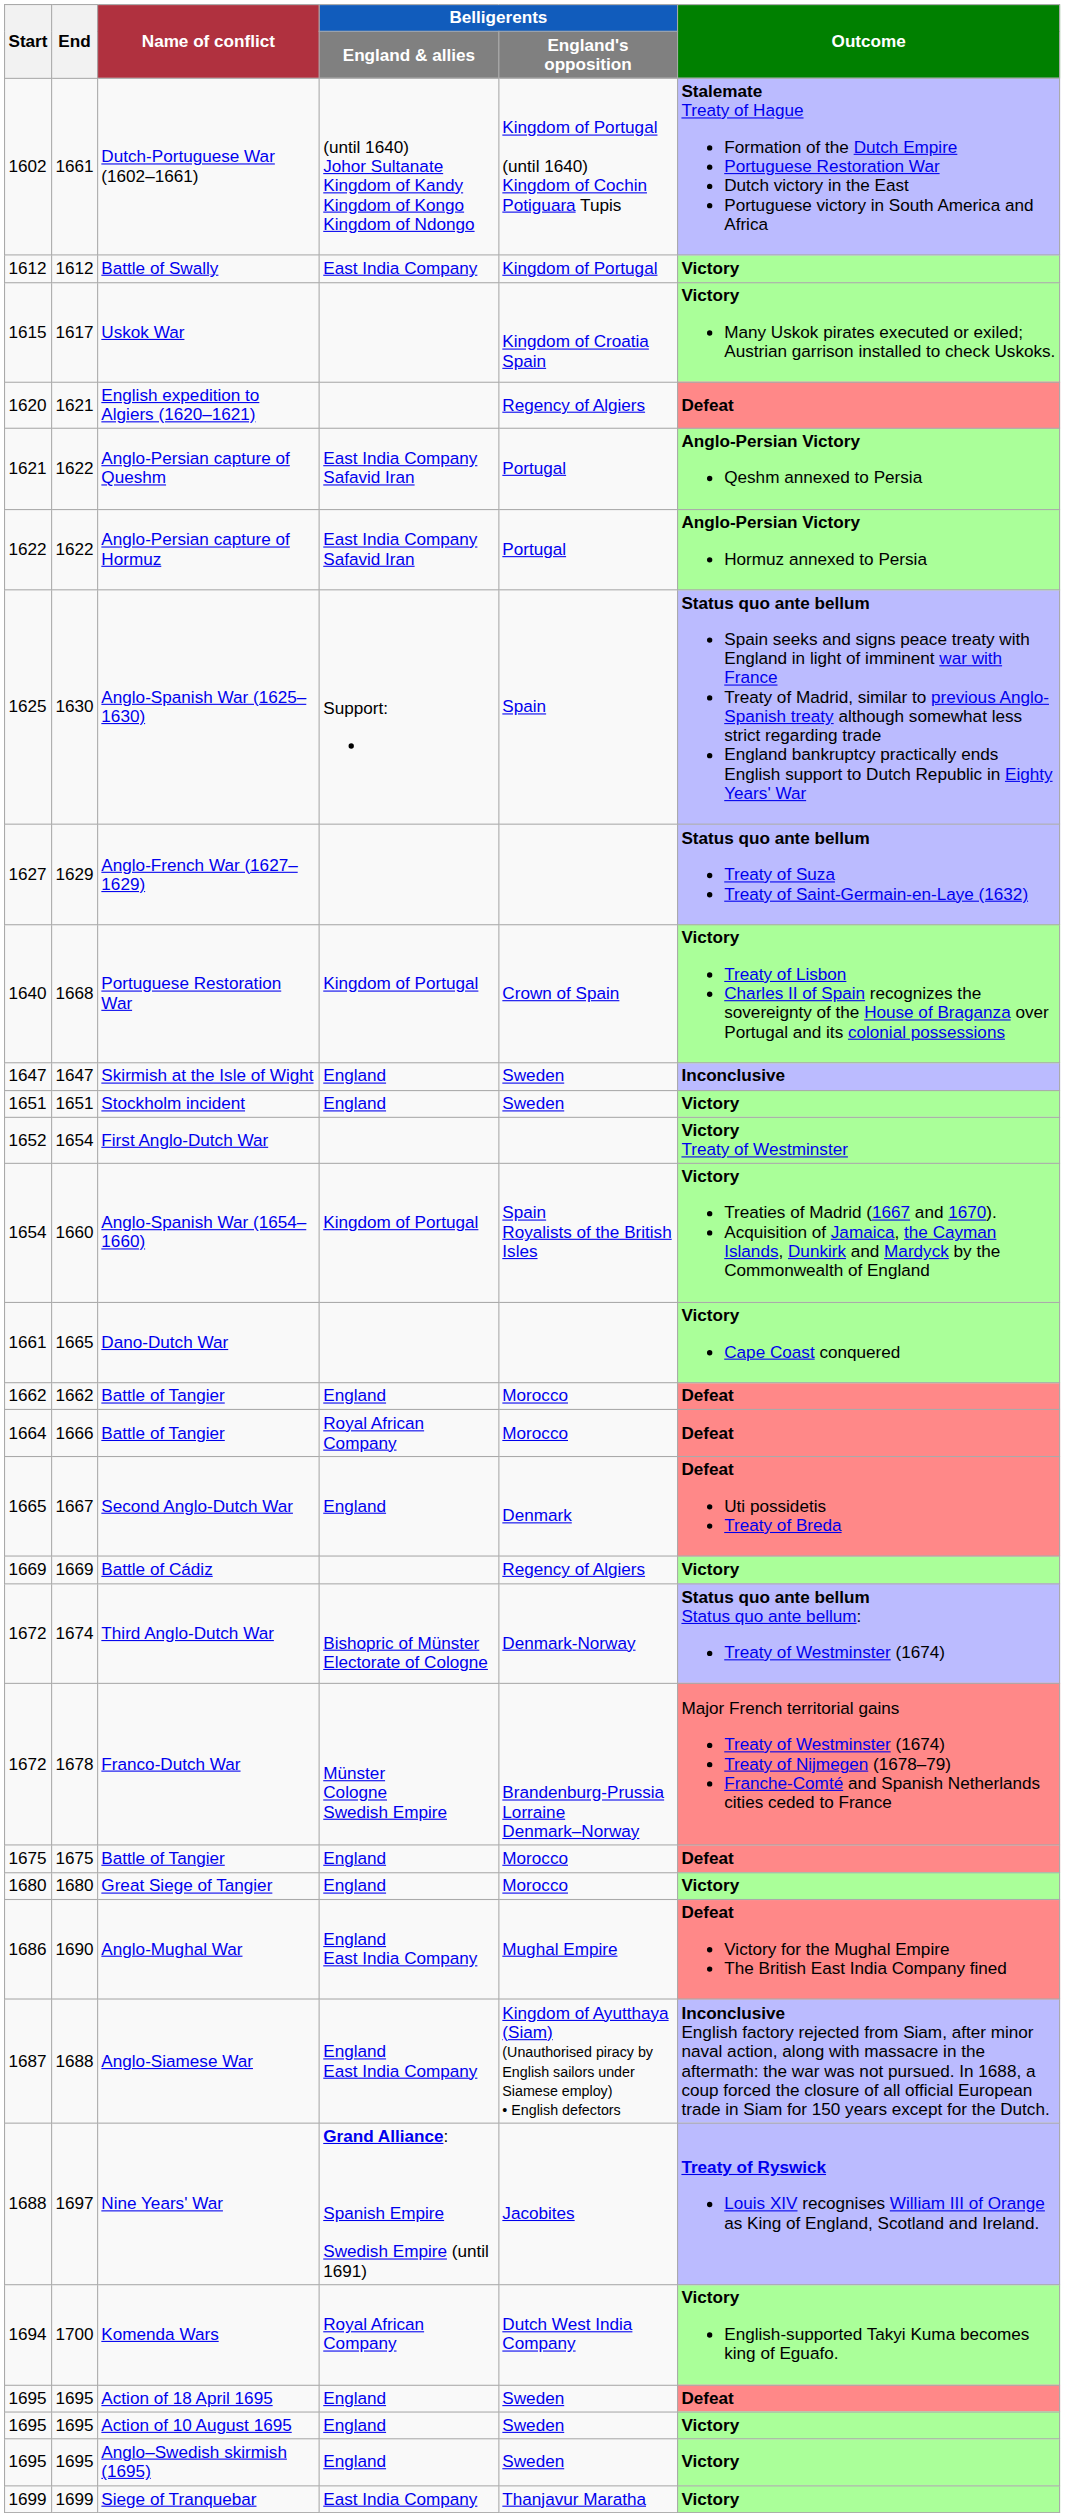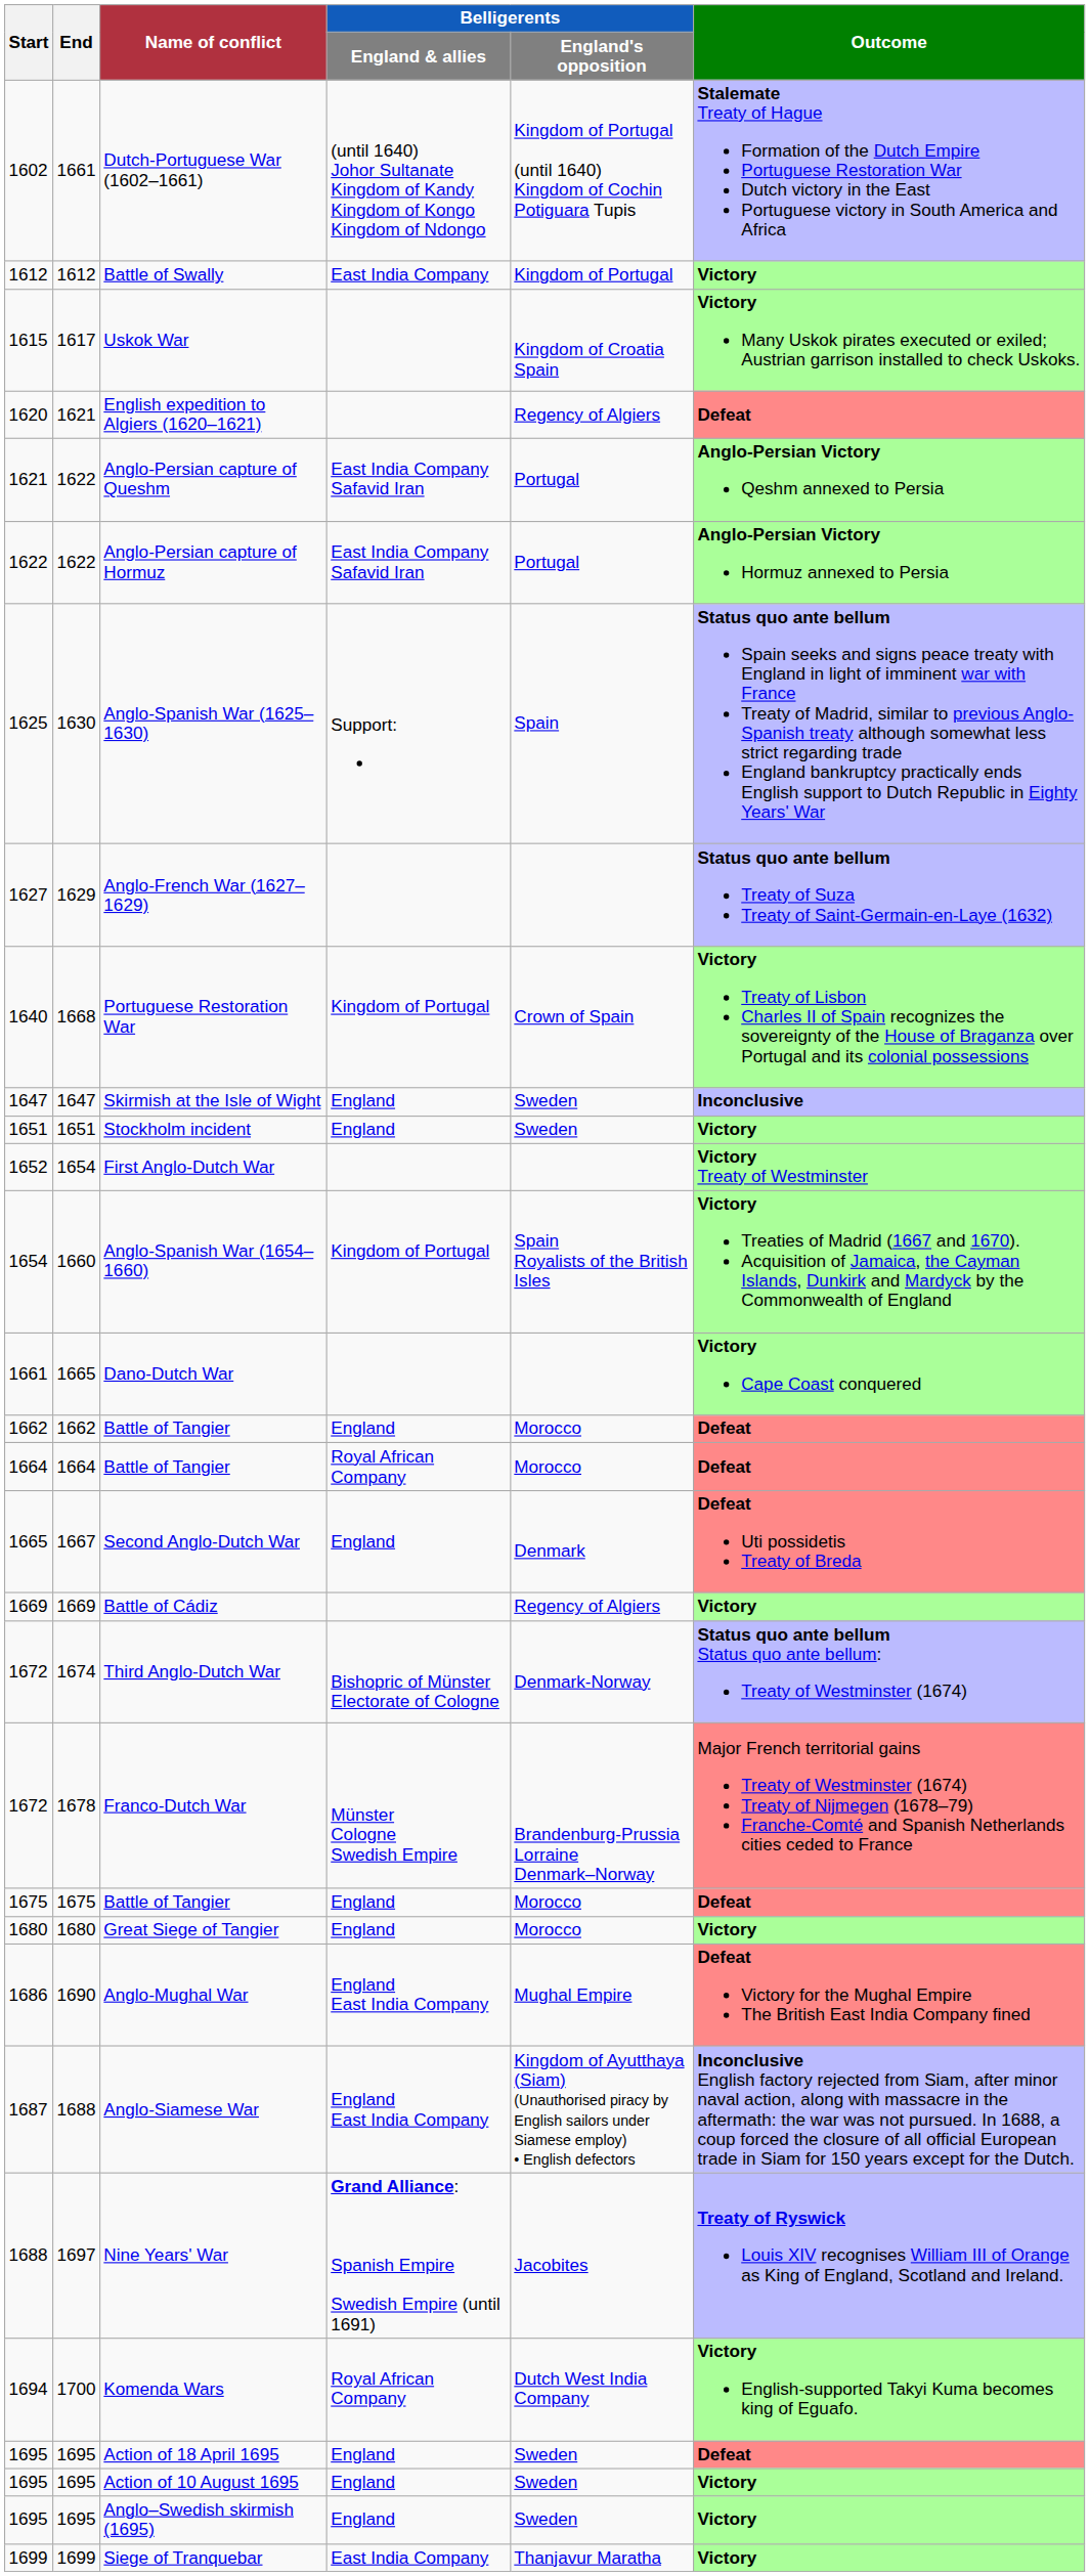 <table class="wikitable sortable">
 <tr>
 <th rowspan="2" width="25">Start</th>
 <th rowspan="2" width="25">End</th>
 <th style="color: white; background:#b0313f;" rowspan="2" width="200" class="unsortable">Name of conflict</th>
 <th style="color: white; background:#115cbc;" colspan="2" class="unsortable">Belligerents</th>
 <th style="color: white; background:green;" rowspan="2" width="350" class="unsortable">Outcome</th>
 </tr>
 <tr>
 <th style="color: white; background:gray;" width="160" class="unsortable">England & allies</th>
 <th style="color: white; background:gray;" width="160" class="unsortable">England's opposition</th>
 </tr>
 <tr>
 <td>1602</td>
 <td>1661</td>
 <td><a href='#'>Dutch-Portuguese War</a> (1602–1661)</td>
 <td><br><br>(until 1640)<br> <a href='#'>Johor Sultanate</a><br> <a href='#'>Kingdom of Kandy</a><br> <a href='#'>Kingdom of Kongo</a><br><a href='#'>Kingdom of Ndongo</a></td>
 <td> <a href='#'>Kingdom of Portugal</a><br><br>(until 1640)<br><a href='#'>Kingdom of Cochin</a><br><a href='#'>Potiguara</a> Tupis</td>
 <td style="Background:#BBF"><strong>Stalemate</strong><br><a href='#'>Treaty of Hague</a><ul><li>Formation of the <a href='#'>Dutch Empire</a></li><li><a href='#'>Portuguese Restoration War</a></li><li>Dutch victory in the East</li><li>Portuguese victory in South America and Africa</li></ul></td>
 </tr>
 <tr>
 <td>1612</td>
 <td>1612</td>
 <td><a href='#'>Battle of Swally</a></td>
 <td> <a href='#'>East India Company</a></td>
 <td> <a href='#'>Kingdom of Portugal</a><br></td>
 <td style="Background:#AF9"><strong>Victory</strong></td>
 </tr>
 <tr>
 <td>1615</td>
 <td>1617</td>
 <td><a href='#'>Uskok War</a></td>
 <td><br><br> <br></td>
 <td><br><br>   <a href='#'>Kingdom of Croatia</a><br><a href='#'>Spain</a> <br></td>
 <td style="Background:#AF9"><strong>Victory</strong><br><ul><li>Many Uskok pirates executed or exiled; Austrian garrison installed to check Uskoks.</li></ul></td>
 </tr>
 <tr>
 <td>1620</td>
 <td>1621</td>
 <td><a href='#'>English expedition to Algiers (1620–1621)</a></td>
 <td></td>
 <td> <a href='#'>Regency of Algiers</a></td>
 <td style="Background:#F88"><strong>Defeat</strong></td>
 </tr>
 <tr>
 <td>1621</td>
 <td>1622</td>
 <td><a href='#'>Anglo-Persian capture of Queshm</a></td>
 <td> <a href='#'>East India Company</a><br> <a href='#'>Safavid Iran</a><br></td>
 <td> <a href='#'>Portugal</a></td>
 <td style="Background:#AF9"><strong>Anglo-Persian Victory</strong><br><ul><li>Qeshm annexed to Persia</li></ul></td>
 </tr>
 <tr>
 <td>1622</td>
 <td>1622</td>
 <td><a href='#'>Anglo-Persian capture of Hormuz</a></td>
 <td> <a href='#'>East India Company</a><br> <a href='#'>Safavid Iran</a><br></td>
 <td> <a href='#'>Portugal</a></td>
 <td style="Background:#AF9"><strong>Anglo-Persian Victory</strong><br><ul><li>Hormuz annexed to Persia</li></ul></td>
 </tr>
 <tr>
 <td>1625</td>
 <td>1630</td>
 <td><a href='#'>Anglo-Spanish War (1625–1630)</a></td>
 <td><br><br><br>Support:<ul><li></li></ul></td>
 <td> <a href='#'>Spain</a></td>
 <td style="Background:#BBF"><strong>Status quo ante bellum</strong><br><ul><li>Spain seeks and signs peace treaty with England in light of imminent <a href='#'>war with France</a></li><li>Treaty of Madrid, similar to <a href='#'>previous Anglo-Spanish treaty</a> although somewhat less strict regarding trade</li><li>England bankruptcy practically ends English support to Dutch Republic in <a href='#'>Eighty Years' War</a></li></ul></td>
 </tr>
 <tr>
 <td>1627</td>
 <td>1629</td>
 <td><a href='#'>Anglo-French War (1627–1629)</a></td>
 <td></td>
 <td></td>
 <td style="Background:#BBF"><strong>Status quo ante bellum</strong><br><ul><li><a href='#'>Treaty of Suza</a></li><li><a href='#'>Treaty of Saint-Germain-en-Laye (1632)</a></li></ul></td>
 </tr>
 <tr>
 <td>1640</td>
 <td>1668</td>
 <td><a href='#'>Portuguese Restoration War</a></td>
 <td> <a href='#'>Kingdom of Portugal</a><br><br></td>
 <td> <a href='#'>Crown of Spain</a></td>
 <td style="Background:#AF9"><strong>Victory</strong><br><ul><li><a href='#'>Treaty of Lisbon</a></li><li><a href='#'>Charles II of Spain</a> recognizes the sovereignty of the <a href='#'>House of Braganza</a> over Portugal and its <a href='#'>colonial possessions</a></li></ul></td>
 </tr>
 <tr>
 <td>1647</td>
 <td>1647</td>
 <td><a href='#'>Skirmish at the Isle of Wight</a></td>
 <td> <a href='#'>England</a></td>
 <td> <a href='#'>Sweden</a></td>
 <td style="Background:#BBF"><strong>Inconclusive</strong></td>
 </tr>
 <tr>
 <td>1651</td>
 <td>1651</td>
 <td><a href='#'>Stockholm incident</a></td>
 <td> <a href='#'>England</a></td>
 <td> <a href='#'>Sweden</a></td>
 <td style="Background:#AF9"><strong>Victory</strong></td>
 </tr>
 <tr>
 <td>1652</td>
 <td>1654</td>
 <td><a href='#'>First Anglo-Dutch War</a></td>
 <td></td>
 <td></td>
 <td style="Background:#AF9"><strong>Victory</strong><br><a href='#'>Treaty of Westminster</a></td>
 </tr>
 <tr>
 <td>1654</td>
 <td>1660</td>
 <td><a href='#'>Anglo-Spanish War (1654–1660)</a></td>
 <td> <a href='#'>Kingdom of Portugal</a><br><br></td>
 <td> <a href='#'>Spain</a><br> <a href='#'>Royalists of the British Isles</a></td>
 <td style="Background:#AF9"><strong>Victory</strong><br><ul><li>Treaties of Madrid (<a href='#'>1667</a> and <a href='#'>1670</a>).</li><li>Acquisition of <a href='#'>Jamaica</a>, <a href='#'>the Cayman Islands</a>, <a href='#'>Dunkirk</a> and <a href='#'>Mardyck</a> by the Commonwealth of England</li></ul></td>
 </tr>
 <tr>
 <td>1661</td>
 <td>1665</td>
 <td><a href='#'>Dano-Dutch War</a></td>
 <td><br></td>
 <td></td>
 <td style="Background:#AF9"><strong>Victory</strong><br><ul><li><a href='#'>Cape Coast</a> conquered</li></ul></td>
 </tr>
 <tr>
 <td>1662</td>
 <td>1662</td>
 <td><a href='#'>Battle of Tangier</a></td>
 <td> <a href='#'>England</a></td>
 <td> <a href='#'>Morocco</a></td>
 <td style="Background:#F88"><strong>Defeat</strong></td>
 </tr>
 <tr>
 <td>1664</td>
-<td>1666</td>
+<td>1664</td>
 <td><a href='#'>Battle of Tangier</a></td>
 <td> <a href='#'>Royal African Company</a></td>
 <td> <a href='#'>Morocco</a></td>
 <td style="Background:#F88"><strong>Defeat</strong></td>
 </tr>
 <tr>
 <td>1665</td>
 <td>1667</td>
 <td><a href='#'>Second Anglo-Dutch War</a></td>
 <td> <a href='#'>England</a></td>
 <td><br> <a href='#'>Denmark</a><br></td>
 <td style="Background:#F88"><strong>Defeat</strong><br><ul><li>Uti possidetis</li><li><a href='#'>Treaty of Breda</a></li></ul></td>
 </tr>
 <tr>
 <td>1669</td>
 <td>1669</td>
 <td><a href='#'>Battle of Cádiz</a></td>
 <td><br></td>
 <td> <a href='#'>Regency of Algiers</a></td>
 <td style="Background:#AF9"><strong>Victory</strong></td>
 </tr>
 <tr>
 <td>1672</td>
 <td>1674</td>
 <td><a href='#'>Third Anglo-Dutch War</a></td>
 <td><br><br> <a href='#'>Bishopric of Münster</a><br> <a href='#'>Electorate of Cologne</a></td>
 <td><br> <a href='#'>Denmark-Norway</a></td>
 <td style="Background:#BBF"><strong>Status quo ante bellum</strong><br><a href='#'>Status quo ante bellum</a>:<ul><li><a href='#'>Treaty of Westminster</a> (1674)</li></ul></td>
 </tr>
 <tr>
 <td>1672</td>
 <td>1678</td>
 <td><a href='#'>Franco-Dutch War</a></td>
 <td> <br><br><br>  <a href='#'>Münster</a> <br>  <a href='#'>Cologne</a> <br>  <a href='#'>Swedish Empire</a> </td>
 <td> <br><br><br>  <br>  <br>  <a href='#'>Brandenburg-Prussia</a> <br>  <a href='#'>Lorraine</a> <br>  <a href='#'>Denmark–Norway</a> </td>
 <td style="Background:#F88">Major French territorial gains<br><ul><li><a href='#'>Treaty of Westminster</a> (1674)</li><li><a href='#'>Treaty of Nijmegen</a> (1678–79)</li><li><a href='#'>Franche-Comté</a> and Spanish Netherlands cities ceded to France</li></ul></td>
 </tr>
 <tr>
 <td>1675</td>
 <td>1675</td>
 <td><a href='#'>Battle of Tangier</a></td>
 <td> <a href='#'>England</a></td>
 <td> <a href='#'>Morocco</a></td>
 <td style="Background:#F88"><strong>Defeat</strong></td>
 </tr>
 <tr>
 <td>1680</td>
 <td>1680</td>
 <td><a href='#'>Great Siege of Tangier</a></td>
 <td> <a href='#'>England</a></td>
 <td> <a href='#'>Morocco</a></td>
 <td style="Background:#AF9"><strong>Victory</strong></td>
 </tr>
 <tr>
 <td>1686</td>
 <td>1690</td>
 <td><a href='#'>Anglo-Mughal War</a></td>
 <td> <a href='#'>England</a><br> <a href='#'>East India Company</a></td>
 <td> <a href='#'>Mughal Empire</a></td>
 <td style="Background:#F88"><strong>Defeat</strong><br><ul><li>Victory for the Mughal Empire</li><li>The British East India Company fined</li></ul></td>
 </tr>
 <tr>
 <td>1687</td>
 <td>1688</td>
 <td><a href='#'>Anglo-Siamese War</a></td>
 <td> <a href='#'>England</a><br> <a href='#'>East India Company</a></td>
 <td> <a href='#'>Kingdom of Ayutthaya (Siam)</a><br><small>(Unauthorised piracy by English sailors under Siamese employ)<br>•  English defectors</small></td>
 <td style="Background:#BBF"><strong>Inconclusive</strong><br>English factory rejected from Siam, after minor naval action, along with massacre in the aftermath: the war was not pursued. In 1688, a coup forced the closure of all official European trade in Siam for 150 years except for the Dutch.</td>
 </tr>
 <tr>
 <td>1688</td>
 <td>1697</td>
 <td><a href='#'>Nine Years' War</a></td>
 <td><strong><a href='#'>Grand Alliance</a></strong>:<br> <br> <br><br> <a href='#'>Spanish Empire</a><br><br> <a href='#'>Swedish Empire</a> (until 1691)<br></td>
 <td><br> <a href='#'>Jacobites</a></td>
 <td style="background:#BBF"><strong><a href='#'>Treaty of Ryswick</a></strong><br><ul><li><a href='#'>Louis XIV</a> recognises <a href='#'>William III of Orange</a> as King of England, Scotland and Ireland.</li></ul></td>
 </tr>
 <tr>
 <td>1694</td>
 <td>1700</td>
 <td><a href='#'>Komenda Wars</a></td>
 <td> <a href='#'>Royal African Company</a></td>
 <td> <a href='#'>Dutch West India Company</a></td>
 <td style="Background:#AF9"><strong>Victory</strong><br><ul><li>English-supported Takyi Kuma becomes king of Eguafo.</li></ul></td>
 </tr>
 <tr>
 <td>1695</td>
 <td>1695</td>
 <td><a href='#'>Action of 18 April 1695</a></td>
 <td> <a href='#'>England</a></td>
 <td> <a href='#'>Sweden</a><br></td>
 <td style="Background:#F88"><strong>Defeat</strong></td>
 </tr>
 <tr>
 <td>1695</td>
 <td>1695</td>
 <td><a href='#'>Action of 10 August 1695</a></td>
 <td> <a href='#'>England</a></td>
 <td> <a href='#'>Sweden</a></td>
 <td style="Background:#AF9"><strong>Victory</strong></td>
 </tr>
 <tr>
 <td>1695</td>
 <td>1695</td>
 <td><a href='#'>Anglo–Swedish skirmish (1695)</a></td>
 <td> <a href='#'>England</a></td>
 <td> <a href='#'>Sweden</a></td>
 <td style="Background:#AF9"><strong>Victory</strong></td>
 </tr>
 <tr>
 <td>1699</td>
 <td>1699</td>
 <td><a href='#'>Siege of Tranquebar</a></td>
 <td> <a href='#'>East India Company</a><br></td>
 <td><a href='#'>Thanjavur Maratha</a><br></td>
 <td style="Background:#AF9"><strong>Victory</strong></td>
 </tr>
 </table>
